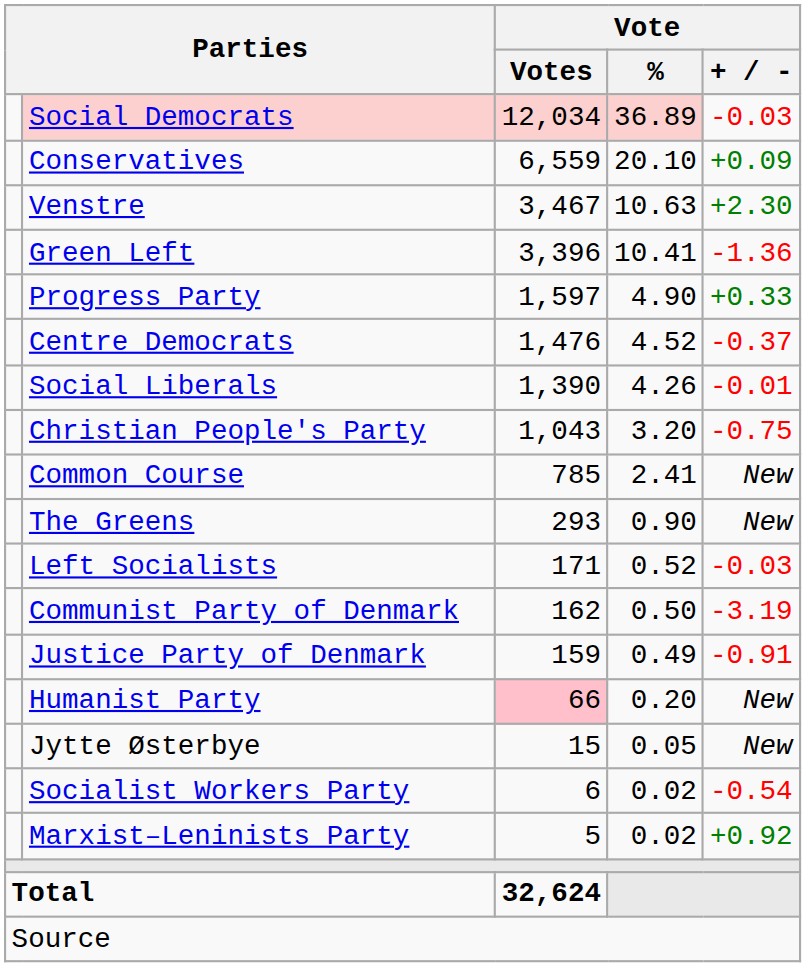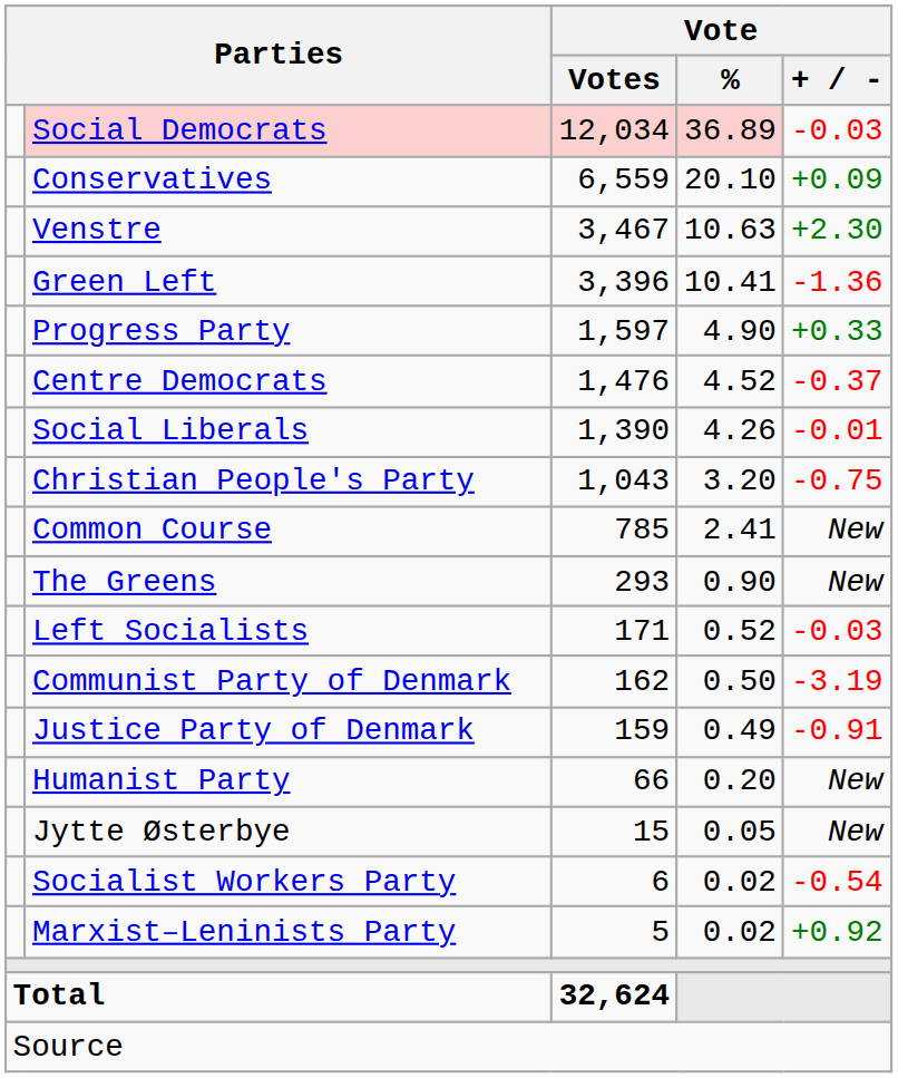 <table class="wikitable" style="text-align:right;">
 <tr>
 <th style="text-align:centre;" rowspan="2" colspan="2" width="225">Parties</th>
 <th colspan="3">Vote</th>
 </tr>
 <tr>
 <th width="15">Votes</th>
 <th width="15">%</th>
 <th width="15">+ / -</th>
 </tr>
 <tr>
 <td width="2" style="color:inherit;background:"></td>
 <td bgcolor=#fbd0ce  align="left"><a href='#'>Social Democrats</a></td>
 <td bgcolor=#fbd0ce>12,034</td>
 <td bgcolor=#fbd0ce>36.89</td>
 <td style=color:red;>-0.03</td>
 </tr>
 <tr>
 <td width="2" style="color:inherit;background:"></td>
 <td align="left"><a href='#'>Conservatives</a></td>
 <td>6,559</td>
 <td>20.10</td>
 <td style=color:green;>+0.09</td>
 </tr>
 <tr>
 <td width="2" style="color:inherit;background:"></td>
 <td align="left"><a href='#'>Venstre</a></td>
 <td>3,467</td>
 <td>10.63</td>
 <td style=color:green;>+2.30</td>
 </tr>
 <tr>
 <td width="2" style="color:inherit;background:"></td>
 <td align="left"><a href='#'>Green Left</a></td>
 <td>3,396</td>
 <td>10.41</td>
 <td style=color:red;>-1.36</td>
 </tr>
 <tr>
 <td width="2" style="color:inherit;background:"></td>
 <td align="left"><a href='#'>Progress Party</a></td>
 <td>1,597</td>
 <td>4.90</td>
 <td style=color:green;>+0.33</td>
 </tr>
 <tr>
 <td width="2" style="color:inherit;background:"></td>
 <td align="left"><a href='#'>Centre Democrats</a></td>
 <td>1,476</td>
 <td>4.52</td>
 <td style=color:red;>-0.37</td>
 </tr>
 <tr>
 <td width="2" style="color:inherit;background:"></td>
 <td align="left"><a href='#'>Social Liberals</a></td>
 <td>1,390</td>
 <td>4.26</td>
 <td style=color:red;>-0.01</td>
 </tr>
 <tr>
 <td width="2" style="color:inherit;background:"></td>
 <td align="left"><a href='#'>Christian People's Party</a></td>
 <td>1,043</td>
 <td>3.20</td>
 <td style=color:red;>-0.75</td>
 </tr>
 <tr>
 <td width="2" style="color:inherit;background:"></td>
 <td align="left"><a href='#'>Common Course</a></td>
 <td>785</td>
 <td>2.41</td>
 <td><em>New</em></td>
 </tr>
 <tr>
 <td width="2" style="color:inherit;background:"></td>
 <td align="left"><a href='#'>The Greens</a></td>
 <td>293</td>
 <td>0.90</td>
 <td><em>New</em></td>
 </tr>
 <tr>
 <td width="2" style="color:inherit;background:"></td>
 <td align="left"><a href='#'>Left Socialists</a></td>
 <td>171</td>
 <td>0.52</td>
 <td style=color:red;>-0.03</td>
 </tr>
 <tr>
 <td width="2" style="color:inherit;background:"></td>
 <td align="left"><a href='#'>Communist Party of Denmark</a></td>
 <td>162</td>
 <td>0.50</td>
 <td style=color:red;>-3.19</td>
 </tr>
 <tr>
 <td width="2" style="color:inherit;background:"></td>
 <td align="left"><a href='#'>Justice Party of Denmark</a></td>
 <td>159</td>
 <td>0.49</td>
 <td style=color:red;>-0.91</td>
 </tr>
 <tr>
 <td width="2" style="color:inherit;background:"></td>
 <td align="left"><a href='#'>Humanist Party</a></td>
-<td style="background: pink;">66</td>
+<td>66</td>
 <td>0.20</td>
 <td><em>New</em></td>
 </tr>
 <tr>
 <td width="2" style="color:inherit;background:"></td>
 <td align="left">Jytte Østerbye</td>
 <td>15</td>
 <td>0.05</td>
 <td><em>New</em></td>
 </tr>
 <tr>
 <td width="2" style="color:inherit;background:"></td>
 <td align="left"><a href='#'>Socialist Workers Party</a></td>
 <td>6</td>
 <td>0.02</td>
 <td style=color:red;>-0.54</td>
 </tr>
 <tr>
 <td width="2" style="color:inherit;background:"></td>
 <td align="left"><a href='#'>Marxist–Leninists Party</a></td>
 <td>5</td>
 <td>0.02</td>
 <td style=color:green;>+0.92</td>
 </tr>
 <tr>
 <td colspan="7" bgcolor="#E9E9E9"></td>
 </tr>
 <tr>
 <td align="left" colspan="2"><strong>Total</strong></td>
 <td><strong>32,624</strong></td>
 <td bgcolor="#E9E9E9" colspan="2"></td>
 </tr>
 <tr>
 <td align="left" colspan="6">Source</td>
 </tr>
 </table>
